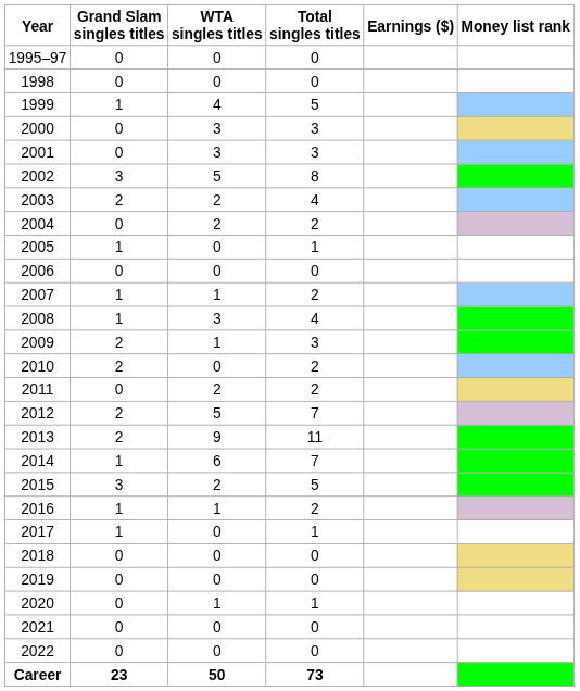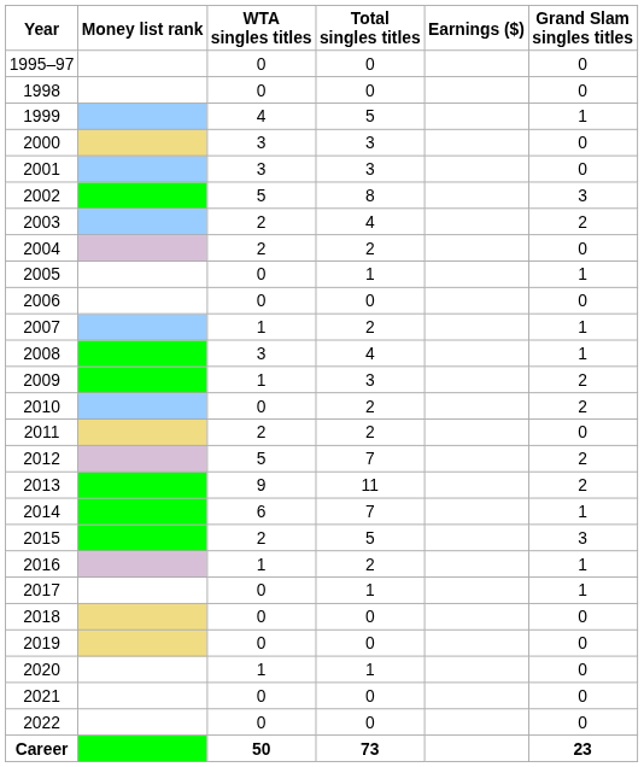 <table cellpadding=3 cellspacing=0 border=1 style=font-size:95%;border:#aaa;solid:1px;border-collapse:collapse;text-align:center>
 <tr>
 <th>Year</th>
-<th>Grand Slam<br>singles titles</th>
+<th>Money list rank</th>
 <th>WTA<br>singles titles</th>
 <th>Total<br>singles titles</th>
 <th>Earnings ($)</th>
-<th>Money list rank</th>
+<th>Grand Slam<br>singles titles</th>
 </tr>
 <tr>
 <td>1995–97</td>
-<td>0</td>
+<td></td>
 <td>0</td>
 <td>0</td>
 <td align=right></td>
-<td></td>
+<td>0</td>
 </tr>
 <tr>
 <td>1998</td>
-<td>0</td>
+<td></td>
 <td>0</td>
 <td>0</td>
 <td align=right></td>
-<td></td>
+<td>0</td>
 </tr>
 <tr>
 <td>1999</td>
-<td>1</td>
+<td bgcolor=99CCFF></td>
 <td>4</td>
 <td>5</td>
 <td align=right></td>
-<td bgcolor=99CCFF></td>
+<td>1</td>
 </tr>
 <tr>
 <td>2000</td>
-<td>0</td>
+<td bgcolor=F0DC83></td>
 <td>3</td>
 <td>3</td>
 <td align=right></td>
-<td bgcolor=F0DC83></td>
+<td>0</td>
 </tr>
 <tr>
 <td>2001</td>
-<td>0</td>
+<td bgcolor=99CCFF></td>
 <td>3</td>
 <td>3</td>
 <td align=right></td>
-<td bgcolor=99CCFF></td>
+<td>0</td>
 </tr>
 <tr>
 <td>2002</td>
-<td>3</td>
+<td bgcolor=lime></td>
 <td>5</td>
 <td>8</td>
 <td align=right></td>
-<td bgcolor=lime></td>
+<td>3</td>
 </tr>
 <tr>
 <td>2003</td>
-<td>2</td>
+<td bgcolor=99CCFF></td>
 <td>2</td>
 <td>4</td>
 <td align=right></td>
-<td bgcolor=99CCFF></td>
+<td>2</td>
 </tr>
 <tr>
 <td>2004</td>
-<td>0</td>
+<td bgcolor=thistle></td>
 <td>2</td>
 <td>2</td>
 <td align=right></td>
-<td bgcolor=thistle></td>
+<td>0</td>
 </tr>
 <tr>
 <td>2005</td>
-<td>1</td>
+<td></td>
 <td>0</td>
 <td>1</td>
 <td align=right></td>
-<td></td>
+<td>1</td>
 </tr>
 <tr>
 <td>2006</td>
-<td>0</td>
+<td></td>
 <td>0</td>
 <td>0</td>
 <td align=right></td>
-<td></td>
+<td>0</td>
 </tr>
 <tr>
 <td>2007</td>
-<td>1</td>
+<td bgcolor=99CCFF></td>
 <td>1</td>
 <td>2</td>
 <td align=right></td>
-<td bgcolor=99CCFF></td>
+<td>1</td>
 </tr>
 <tr>
 <td>2008</td>
-<td>1</td>
+<td bgcolor=lime></td>
 <td>3</td>
 <td>4</td>
 <td align=right></td>
-<td bgcolor=lime></td>
+<td>1</td>
 </tr>
 <tr>
 <td>2009</td>
-<td>2</td>
+<td bgcolor=lime></td>
 <td>1</td>
 <td>3</td>
 <td align=right></td>
-<td bgcolor=lime></td>
+<td>2</td>
 </tr>
 <tr>
 <td>2010</td>
-<td>2</td>
+<td bgcolor=99CCFF></td>
 <td>0</td>
 <td>2</td>
 <td align=right></td>
-<td bgcolor=99CCFF></td>
+<td>2</td>
 </tr>
 <tr>
 <td>2011</td>
-<td>0</td>
+<td bgcolor=F0DC83></td>
 <td>2</td>
 <td>2</td>
 <td align=right></td>
-<td bgcolor=F0DC83></td>
+<td>0</td>
 </tr>
 <tr>
 <td>2012</td>
-<td>2</td>
+<td bgcolor=thistle></td>
 <td>5</td>
 <td>7</td>
 <td align=right></td>
-<td bgcolor=thistle></td>
+<td>2</td>
 </tr>
 <tr>
 <td>2013</td>
-<td>2</td>
+<td bgcolor=lime></td>
 <td>9</td>
 <td>11</td>
 <td align=right></td>
-<td bgcolor=lime></td>
+<td>2</td>
 </tr>
 <tr>
 <td>2014</td>
-<td>1</td>
+<td bgcolor=lime></td>
 <td>6</td>
 <td>7</td>
 <td align=right></td>
-<td bgcolor=lime></td>
+<td>1</td>
 </tr>
 <tr>
 <td>2015</td>
-<td>3</td>
+<td bgcolor=lime></td>
 <td>2</td>
 <td>5</td>
 <td align=right></td>
-<td bgcolor=lime></td>
+<td>3</td>
 </tr>
 <tr>
 <td>2016</td>
-<td>1</td>
+<td bgcolor=thistle></td>
 <td>1</td>
 <td>2</td>
 <td align=right></td>
-<td bgcolor=thistle></td>
+<td>1</td>
 </tr>
 <tr>
 <td>2017</td>
-<td>1</td>
+<td></td>
 <td>0</td>
 <td>1</td>
 <td align=right></td>
-<td></td>
+<td>1</td>
 </tr>
 <tr>
 <td>2018</td>
-<td>0</td>
+<td bgcolor=F0DC83></td>
 <td>0</td>
 <td>0</td>
 <td align=right></td>
-<td bgcolor=F0DC83></td>
+<td>0</td>
 </tr>
 <tr>
 <td>2019</td>
-<td>0</td>
+<td bgcolor=F0DC83></td>
 <td>0</td>
 <td>0</td>
 <td align=right></td>
-<td bgcolor=F0DC83></td>
+<td>0</td>
 </tr>
 <tr>
 <td>2020</td>
-<td>0</td>
+<td></td>
 <td>1</td>
 <td>1</td>
 <td align=right></td>
-<td></td>
+<td>0</td>
 </tr>
 <tr>
 <td>2021</td>
-<td>0</td>
+<td></td>
 <td>0</td>
 <td>0</td>
 <td align=right></td>
-<td></td>
+<td>0</td>
 </tr>
 <tr>
 <td>2022</td>
-<td>0</td>
+<td></td>
 <td>0</td>
 <td>0</td>
 <td align=right></td>
-<td></td>
+<td>0</td>
 </tr>
 <tr>
 <th>Career</th>
-<th>23</th>
+<th bgcolor=lime></th>
 <th>50</th>
 <th>73</th>
 <th align=right></th>
-<th bgcolor=lime></th>
+<th>23</th>
 </tr>
 </table>
